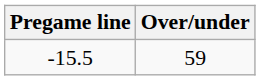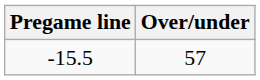 <table class="wikitable" style="margin-left: auto; margin-right: auto; border: none; display: inline-table;">
 <tr align="center">
 <th style=>Pregame line</th>
 <th style=>Over/under</th>
 </tr>
 <tr align="center">
 <td>-15.5</td>
-<td>59</td>
+<td>57</td>
 </tr>
 </table>
